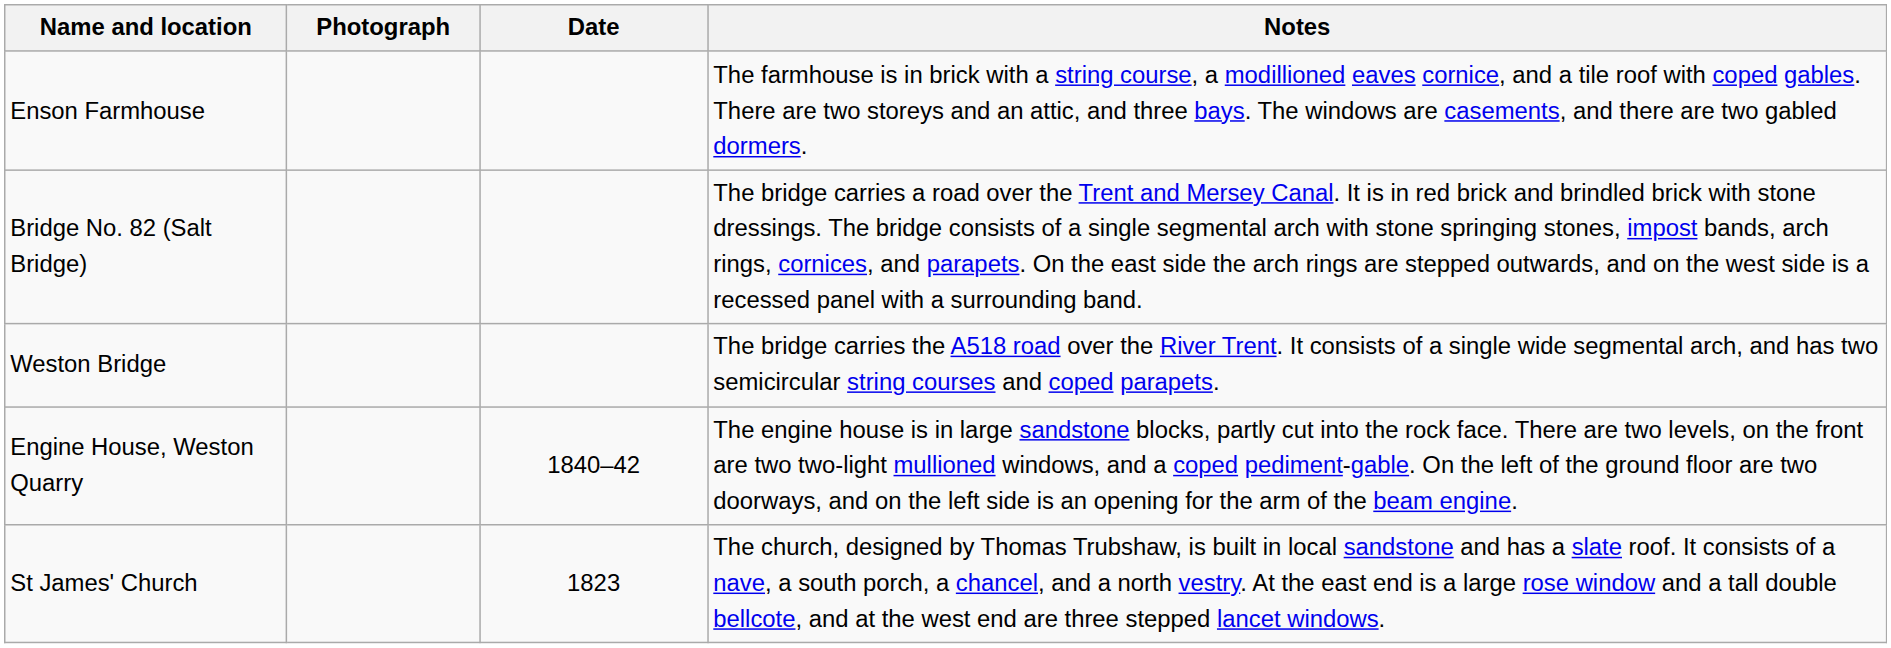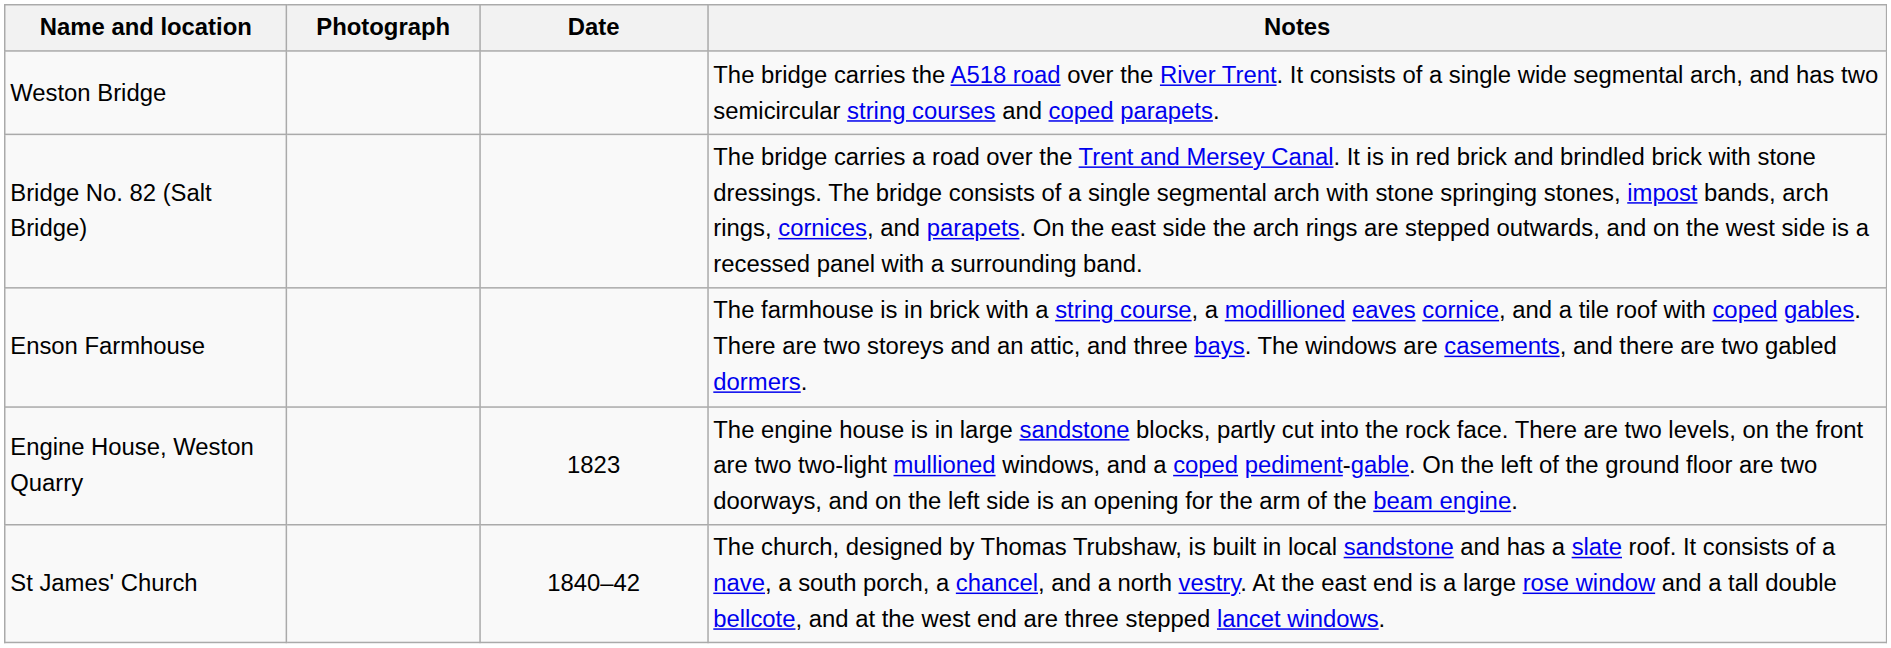 <table class="wikitable sortable plainrowheaders" style="width:100%;border:0px;text-align:left;line-height:150%;">
 <tr>
 <th scope="col"  style="width:150px">Name and location</th>
 <th scope="col"  style="width:100px" class="unsortable">Photograph</th>
 <th scope="col"  style="width:120px">Date</th>
 <th scope="col"  style="width:650px" class="unsortable">Notes</th>
 </tr>
 <tr>
-<td>Enson Farmhouse<br><small></small></td>
+<td>Weston Bridge<br><small></small></td>
 <td></td>
 <td align="center"></td>
-<td>The farmhouse is in brick with a <a href='#'>string course</a>, a <a href='#'>modillioned</a> <a href='#'>eaves</a> <a href='#'>cornice</a>, and a tile roof with <a href='#'>coped</a> <a href='#'>gables</a>.  There are two storeys and an attic, and three <a href='#'>bays</a>.  The windows are <a href='#'>casements</a>, and there are two gabled <a href='#'>dormers</a>.</td>
+<td>The bridge carries the <a href='#'>A518 road</a> over the <a href='#'>River Trent</a>.  It consists of a single wide segmental arch, and has two semicircular <a href='#'>string courses</a> and <a href='#'>coped</a> <a href='#'>parapets</a>.</td>
 </tr>
 <tr>
 <td>Bridge No. 82 (Salt Bridge)<br><small></small></td>
 <td></td>
 <td align="center"></td>
 <td>The bridge carries a road over the <a href='#'>Trent and Mersey Canal</a>. It is in red brick and brindled brick with stone dressings.  The bridge consists of a single segmental arch with stone springing stones, <a href='#'>impost</a> bands, arch rings, <a href='#'>cornices</a>, and <a href='#'>parapets</a>.  On the east side the arch rings are stepped outwards, and on the west side is a recessed panel with a surrounding band.</td>
 </tr>
 <tr>
-<td>Weston Bridge<br><small></small></td>
+<td>Enson Farmhouse<br><small></small></td>
 <td></td>
 <td align="center"></td>
-<td>The bridge carries the <a href='#'>A518 road</a> over the <a href='#'>River Trent</a>.  It consists of a single wide segmental arch, and has two semicircular <a href='#'>string courses</a> and <a href='#'>coped</a> <a href='#'>parapets</a>.</td>
+<td>The farmhouse is in brick with a <a href='#'>string course</a>, a <a href='#'>modillioned</a> <a href='#'>eaves</a> <a href='#'>cornice</a>, and a tile roof with <a href='#'>coped</a> <a href='#'>gables</a>.  There are two storeys and an attic, and three <a href='#'>bays</a>.  The windows are <a href='#'>casements</a>, and there are two gabled <a href='#'>dormers</a>.</td>
 </tr>
 <tr>
 <td>Engine House, Weston Quarry<br><small></small></td>
 <td></td>
-<td align="center">1840–42</td>
+<td align="center">1823</td>
 <td>The engine house is in large <a href='#'>sandstone</a> blocks, partly cut into the rock face.  There are two levels, on the front are two two-light <a href='#'>mullioned</a> windows, and a <a href='#'>coped</a> <a href='#'>pediment</a>-<a href='#'>gable</a>.  On the left of the ground floor are two doorways, and on the left side is an opening for the arm of the <a href='#'>beam engine</a>.</td>
 </tr>
 <tr>
 <td>St James' Church<br><small></small></td>
 <td></td>
-<td align="center">1823</td>
+<td align="center">1840–42</td>
 <td>The church, designed by Thomas Trubshaw, is built in local <a href='#'>sandstone</a> and has a <a href='#'>slate</a> roof.  It consists of a <a href='#'>nave</a>, a south porch, a <a href='#'>chancel</a>, and a north <a href='#'>vestry</a>.  At the east end is a large <a href='#'>rose window</a> and a tall double <a href='#'>bellcote</a>, and at the west end are three stepped <a href='#'>lancet windows</a>.</td>
 </tr>
 <tr>
 </tr>
 </table>
